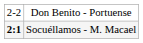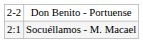 <table class="wikitable">
 <tr align=center bgcolor=white>
 <td>2-2</td>
 <td>Don Benito - Portuense</td>
 </tr>
 <tr align=center bgcolor=#F5F5F5>
-<td><strong>2:1</strong></td>
+<td>2:1</td>
 <td>Socuéllamos - M. Macael</td>
 </tr>
 </table>
